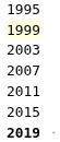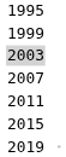 <table>
 <tr>
 <td>1995</td>
 <td></td>
 <td></td>
 <td><br></td>
 </tr>
 <tr>
-<td style="background: lightyellow;">1999</td>
+<td>1999</td>
 <td></td>
 <td></td>
 <td><br></td>
 </tr>
 <tr>
-<td>2003</td>
+<td style="background: lightgrey;">2003</td>
 <td></td>
 <td></td>
 <td><br></td>
 </tr>
 <tr>
 <td>2007</td>
 <td></td>
 <td></td>
 <td><br></td>
 </tr>
 <tr>
 <td>2011</td>
 <td></td>
 <td></td>
 <td><br></td>
 </tr>
 <tr>
 <td>2015</td>
 <td></td>
 <td></td>
 <td><br></td>
 </tr>
 <tr>
-<td><strong>2019</strong></td>
+<td>2019</td>
 <td></td>
 <td></td>
 <td><hr></td>
 </tr>
 </table>
